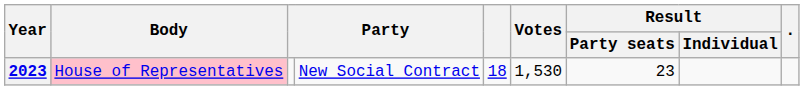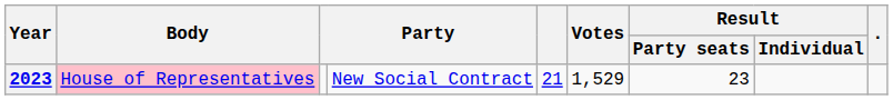 <table class="wikitable plainrowheaders sortable" border=2 cellpadding=4 cellspacing=0 style="border: 1px #aaa solid; font-size: 90%; text-align:center;">
 <tr>
 <th scope="col" rowspan=2>Year</th>
 <th scope="col" rowspan=2>Body</th>
 <th scope="col" colspan=2 rowspan=2>Party</th>
 <th scope="col" rowspan=2></th>
 <th scope="col" rowspan=2>Votes</th>
 <th scope="colgroup" colspan=2>Result</th>
 <th scope="col" rowspan=2 class="unsortable">.</th>
 </tr>
 <tr>
 <th scope="col">Party seats</th>
 <th scope="col">Individual</th>
 </tr>
 <tr>
 <th scope="row"><a href='#'>2023</a></th>
 <td style="background: pink;"><a href='#'>House of Representatives</a></td>
 <td style="background-color:"></td>
 <td><a href='#'>New Social Contract</a></td>
-<td style=text-align:right><a href='#'>18</a></td>
-<td style=text-align:right>1,530</td>
+<td style=text-align:right><a href='#'>21</a></td>
+<td style=text-align:right>1,529</td>
 <td style=text-align:right>23</td>
 <td></td>
 <td></td>
 </tr>
 </table>
